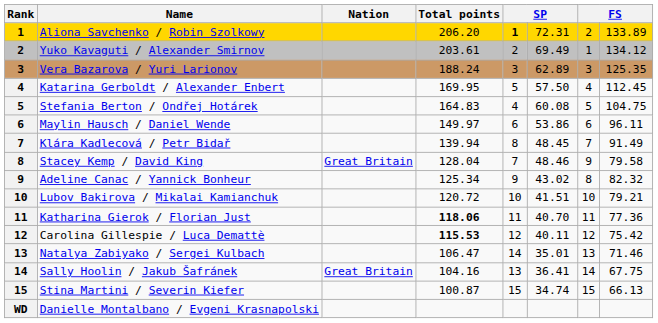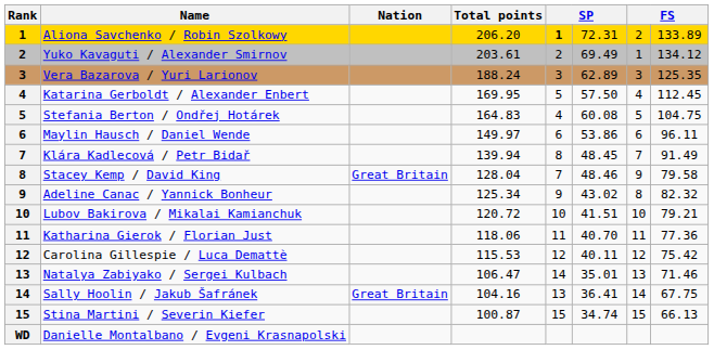 <table class="wikitable sortable">
 <tr>
 <th>Rank</th>
 <th>Name</th>
 <th>Nation</th>
 <th>Total points</th>
 <th colspan="2" width="80px"><a href='#'>SP</a></th>
 <th colspan="2" width="80px"><a href='#'>FS</a></th>
 </tr>
 <tr bgcolor="gold">
 <td align="center"><strong>1</strong></td>
 <td><a href='#'>Aliona Savchenko</a> / <a href='#'>Robin Szolkowy</a></td>
 <td></td>
 <td align="center">206.20</td>
 <td align="center"><strong>1</strong></td>
 <td align="center">72.31</td>
 <td align="center">2</td>
 <td align="center">133.89</td>
 </tr>
 <tr bgcolor="silver">
 <td align="center"><strong>2</strong></td>
 <td><a href='#'>Yuko Kavaguti</a> / <a href='#'>Alexander Smirnov</a></td>
 <td></td>
 <td align="center">203.61</td>
 <td align="center">2</td>
 <td align="center">69.49</td>
 <td align="center">1</td>
 <td align="center">134.12</td>
 </tr>
 <tr bgcolor="cc9966">
 <td align="center"><strong>3</strong></td>
 <td><a href='#'>Vera Bazarova</a> / <a href='#'>Yuri Larionov</a></td>
 <td></td>
 <td align="center">188.24</td>
 <td align="center">3</td>
 <td align="center">62.89</td>
 <td align="center">3</td>
 <td align="center">125.35</td>
 </tr>
 <tr>
 <th>4</th>
 <td><a href='#'>Katarina Gerboldt</a> / <a href='#'>Alexander Enbert</a></td>
 <td></td>
 <td align="center">169.95</td>
 <td align="center">5</td>
 <td align="center">57.50</td>
 <td align="center">4</td>
 <td align="center">112.45</td>
 </tr>
 <tr>
 <th>5</th>
 <td><a href='#'>Stefania Berton</a> / <a href='#'>Ondřej Hotárek</a></td>
 <td></td>
 <td align="center">164.83</td>
 <td align="center">4</td>
 <td align="center">60.08</td>
 <td align="center">5</td>
 <td align="center">104.75</td>
 </tr>
 <tr>
 <th>6</th>
 <td><a href='#'>Maylin Hausch</a> / <a href='#'>Daniel Wende</a></td>
 <td></td>
 <td align="center">149.97</td>
 <td align="center">6</td>
 <td align="center">53.86</td>
 <td align="center">6</td>
 <td align="center">96.11</td>
 </tr>
 <tr>
 <th>7</th>
 <td><a href='#'>Klára Kadlecová</a> / <a href='#'>Petr Bidař</a></td>
 <td></td>
 <td align="center">139.94</td>
 <td align="center">8</td>
 <td align="center">48.45</td>
 <td align="center">7</td>
 <td align="center">91.49</td>
 </tr>
 <tr>
 <th>8</th>
 <td><a href='#'>Stacey Kemp</a> / <a href='#'>David King</a></td>
 <td> <a href='#'>Great Britain</a></td>
 <td align="center">128.04</td>
 <td align="center">7</td>
 <td align="center">48.46</td>
 <td align="center">9</td>
 <td align="center">79.58</td>
 </tr>
 <tr>
 <th>9</th>
 <td><a href='#'>Adeline Canac</a> / <a href='#'>Yannick Bonheur</a></td>
 <td></td>
 <td align="center">125.34</td>
 <td align="center">9</td>
 <td align="center">43.02</td>
 <td align="center">8</td>
 <td align="center">82.32</td>
 </tr>
 <tr>
 <th>10</th>
 <td><a href='#'>Lubov Bakirova</a> / <a href='#'>Mikalai Kamianchuk</a></td>
 <td></td>
 <td align="center">120.72</td>
 <td align="center">10</td>
 <td align="center">41.51</td>
 <td align="center">10</td>
 <td align="center">79.21</td>
 </tr>
 <tr>
 <th>11</th>
 <td><a href='#'>Katharina Gierok</a> / <a href='#'>Florian Just</a></td>
 <td></td>
-<td align="center"><strong>118.06</strong></td>
+<td align="center">118.06</td>
 <td align="center">11</td>
 <td align="center">40.70</td>
 <td align="center">11</td>
 <td align="center">77.36</td>
 </tr>
 <tr>
 <th>12</th>
 <td>Carolina Gillespie / <a href='#'>Luca Demattè</a></td>
 <td></td>
-<td align="center"><strong>115.53</strong></td>
+<td align="center">115.53</td>
 <td align="center">12</td>
 <td align="center">40.11</td>
 <td align="center">12</td>
 <td align="center">75.42</td>
 </tr>
 <tr>
 <th>13</th>
 <td><a href='#'>Natalya Zabiyako</a> / <a href='#'>Sergei Kulbach</a></td>
 <td></td>
 <td align="center">106.47</td>
 <td align="center">14</td>
 <td align="center">35.01</td>
 <td align="center">13</td>
 <td align="center">71.46</td>
 </tr>
 <tr>
 <th>14</th>
 <td><a href='#'>Sally Hoolin</a> / <a href='#'>Jakub Šafránek</a></td>
 <td> <a href='#'>Great Britain</a></td>
 <td align="center">104.16</td>
 <td align="center">13</td>
 <td align="center">36.41</td>
 <td align="center">14</td>
 <td align="center">67.75</td>
 </tr>
 <tr>
 <th>15</th>
 <td><a href='#'>Stina Martini</a> / <a href='#'>Severin Kiefer</a></td>
 <td></td>
 <td align="center">100.87</td>
 <td align="center">15</td>
 <td align="center">34.74</td>
 <td align="center">15</td>
 <td align="center">66.13</td>
 </tr>
 <tr>
 <th>WD</th>
 <td><a href='#'>Danielle Montalbano</a> / <a href='#'>Evgeni Krasnapolski</a></td>
 <td></td>
 <td></td>
 <td></td>
 <td></td>
 <td></td>
 <td></td>
 </tr>
 </table>
